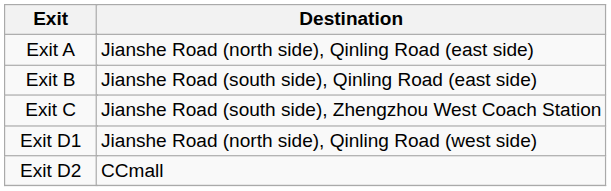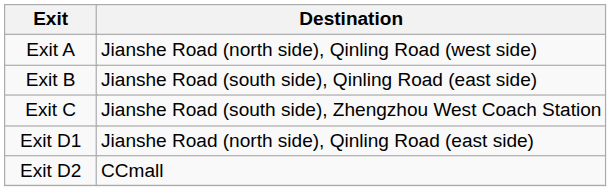 <table class="wikitable">
 <tr>
 <th style="width:70px" colspan=2>Exit</th>
 <th>Destination</th>
 </tr>
 <tr>
 <td align=center colspan=2>Exit A</td>
-<td>Jianshe Road (north side), Qinling Road (east side)</td>
+<td>Jianshe Road (north side), Qinling Road (west side)</td>
 </tr>
 <tr>
 <td align=center colspan=2>Exit B</td>
 <td>Jianshe Road (south side), Qinling Road (east side)</td>
 </tr>
 <tr>
 <td align=center colspan=2>Exit C</td>
 <td>Jianshe Road (south side), Zhengzhou West Coach Station</td>
 </tr>
 <tr>
 <td align=center colspan=2>Exit D1</td>
-<td>Jianshe Road (north side), Qinling Road (west side)</td>
+<td>Jianshe Road (north side), Qinling Road (east side)</td>
 </tr>
 <tr>
 <td align=center colspan=2>Exit D2</td>
 <td>CCmall</td>
 </tr>
 <tr>
 </tr>
 </table>
